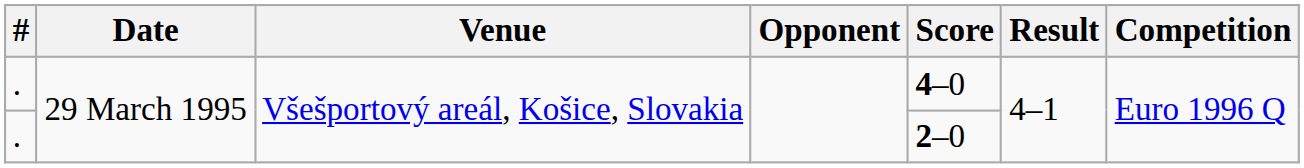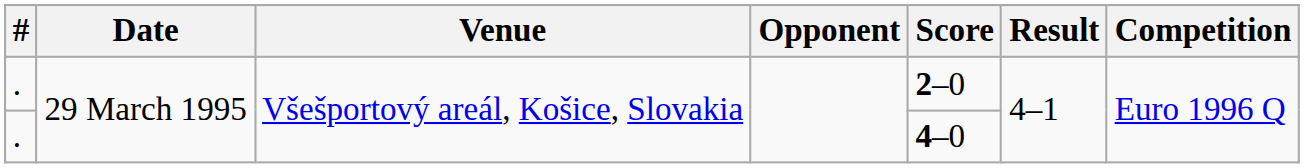 <table class="wikitable">
 <tr>
 <th>#</th>
 <th>Date</th>
 <th>Venue</th>
 <th>Opponent</th>
 <th>Score</th>
 <th>Result</th>
 <th>Competition</th>
 </tr>
 <tr>
 <td>.</td>
 <td rowspan="2">29 March 1995</td>
 <td rowspan="2"><a href='#'>Všešportový areál</a>, <a href='#'>Košice</a>, <a href='#'>Slovakia</a></td>
 <td rowspan="2"></td>
-<td><strong>4</strong>–0</td>
+<td><strong>2</strong>–0</td>
 <td rowspan="2">4–1</td>
 <td rowspan="2"><a href='#'>Euro 1996 Q</a></td>
 </tr>
 <tr>
 <td>.</td>
-<td><strong>2</strong>–0</td>
+<td><strong>4</strong>–0</td>
 </tr>
 </table>
